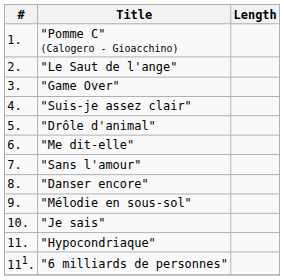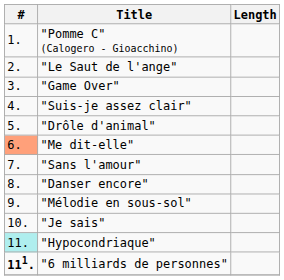 <table class="wikitable" size=80%>
 <tr>
 <th>#</th>
 <th>Title</th>
 <th>Length</th>
 </tr>
 <tr>
 <td>1.</td>
 <td>"Pomme C" <br><small>(Calogero - Gioacchino)</small></td>
 <td></td>
 </tr>
 <tr>
 <td>2.</td>
 <td>"Le Saut de l'ange"</td>
 <td></td>
 </tr>
 <tr>
 <td>3.</td>
 <td>"Game Over"</td>
 <td></td>
 </tr>
 <tr>
 <td>4.</td>
 <td>"Suis-je assez clair"</td>
 <td></td>
 </tr>
 <tr>
 <td>5.</td>
 <td>"Drôle d'animal"</td>
 <td></td>
 </tr>
 <tr>
-<td>6.</td>
+<td style="background: lightsalmon;">6.</td>
 <td>"Me dit-elle"</td>
 <td></td>
 </tr>
 <tr>
 <td>7.</td>
 <td>"Sans l'amour"</td>
 <td></td>
 </tr>
 <tr>
 <td>8.</td>
 <td>"Danser encore"</td>
 <td></td>
 </tr>
 <tr>
 <td>9.</td>
 <td>"Mélodie en sous-sol"</td>
 <td></td>
 </tr>
 <tr>
 <td>10.</td>
 <td>"Je sais"</td>
 <td></td>
 </tr>
 <tr>
-<td>11.</td>
+<td style="background: paleturquoise;">11.</td>
 <td>"Hypocondriaque"</td>
 <td></td>
 </tr>
 <tr>
-<td>11<sup>1</sup>.</td>
+<td><strong>11<sup>1</sup>.</strong></td>
 <td>"6 milliards de personnes"</td>
 <td></td>
 </tr>
 <tr>
 </tr>
 </table>
